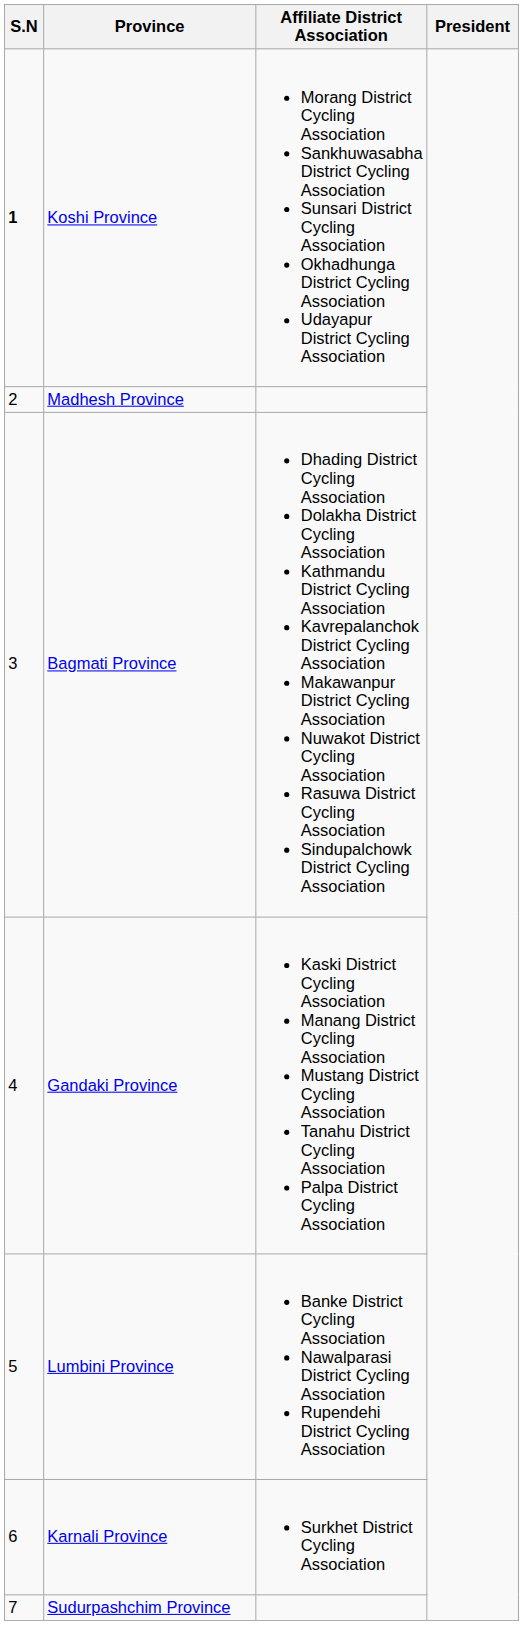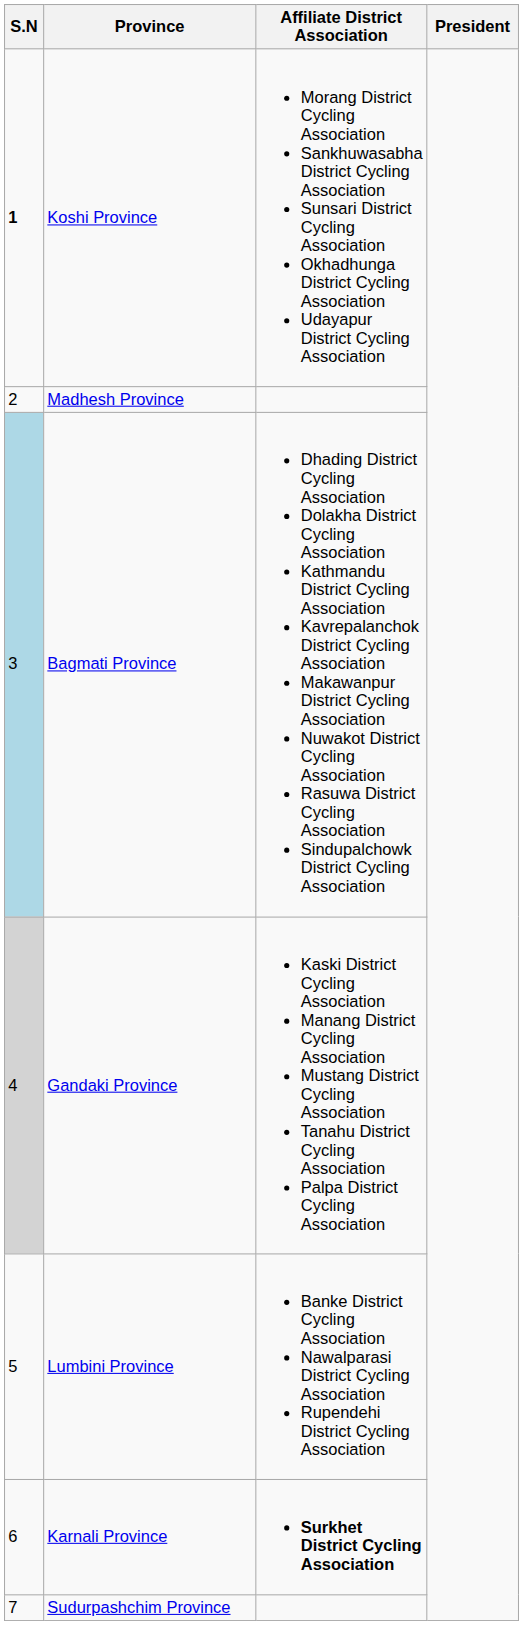 <table class="wikitable sortable" style="width:500px;">
 <tr>
 <th>S.N</th>
 <th>Province</th>
 <th width="31%">Affiliate District Association</th>
 <th>President</th>
 </tr>
 <tr>
 <td><strong>1</strong></td>
 <td><a href='#'>Koshi Province</a></td>
 <td><br><ul><li>Morang District Cycling Association</li><li>Sankhuwasabha District Cycling Association</li><li>Sunsari District Cycling Association</li><li>Okhadhunga District Cycling Association</li><li>Udayapur District Cycling Association</li></ul></td>
 </tr>
 <tr>
 <td>2</td>
 <td><a href='#'>Madhesh Province</a></td>
 <td></td>
 </tr>
 <tr>
-<td>3</td>
+<td style="background: lightblue;">3</td>
 <td><a href='#'>Bagmati Province</a></td>
 <td><br><ul><li>Dhading District Cycling Association</li><li>Dolakha District Cycling Association</li><li>Kathmandu District Cycling Association</li><li>Kavrepalanchok District Cycling Association</li><li>Makawanpur District Cycling Association</li><li>Nuwakot District Cycling Association</li><li>Rasuwa District Cycling Association</li><li>Sindupalchowk District Cycling Association</li></ul></td>
 </tr>
 <tr>
-<td>4</td>
+<td style="background: lightgrey;">4</td>
 <td><a href='#'>Gandaki Province</a></td>
 <td><br><ul><li>Kaski District Cycling Association</li><li>Manang District Cycling Association</li><li>Mustang District Cycling Association</li><li>Tanahu District Cycling Association</li><li>Palpa District Cycling Association</li></ul></td>
 </tr>
 <tr>
 <td>5</td>
 <td><a href='#'>Lumbini Province</a></td>
 <td><br><ul><li>Banke District Cycling Association</li><li>Nawalparasi District Cycling Association</li><li>Rupendehi District Cycling Association</li></ul></td>
 </tr>
 <tr>
 <td>6</td>
 <td><a href='#'>Karnali Province</a></td>
-<td><br><ul><li>Surkhet District Cycling Association</li></ul></td>
+<td><strong><br><ul><li>Surkhet District Cycling Association</li></ul></strong></td>
 </tr>
 <tr>
 <td>7</td>
 <td><a href='#'>Sudurpashchim Province</a></td>
 <td></td>
 </tr>
 </table>
